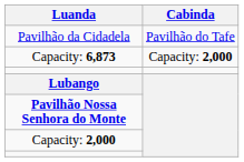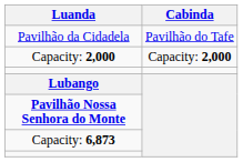 <table class="wikitable" style="text-align:center">
 <tr>
 <th><a href='#'>Luanda</a></th>
 <th><a href='#'>Cabinda</a></th>
 </tr>
 <tr>
 <td><a href='#'>Pavilhão da Cidadela</a></td>
 <td><a href='#'>Pavilhão do Tafe</a></td>
 </tr>
 <tr>
-<td>Capacity: <strong>6,873</strong></td>
+<td>Capacity: <strong>2,000</strong></td>
 <td>Capacity: <strong>2,000</strong></td>
 </tr>
 <tr>
 <td></td>
 <td></td>
 </tr>
 <tr>
 <th width=160><a href='#'>Lubango</a></th>
 <th rowspan=8><br></th>
 </tr>
 <tr>
 <td><strong><a href='#'>Pavilhão Nossa Senhora do Monte</a></strong></td>
 </tr>
 <tr>
-<td>Capacity: <strong>2,000</strong></td>
+<td>Capacity: <strong>6,873</strong></td>
 </tr>
 <tr>
 <td></td>
 </tr>
 </table>
